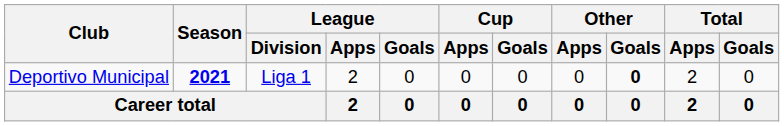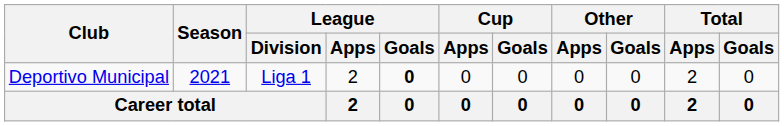 <table class=wikitable style=text-align:center>
 <tr>
 <th rowspan="2">Club</th>
 <th rowspan="2">Season</th>
 <th colspan="3">League</th>
 <th colspan="2">Cup</th>
 <th colspan="2">Other</th>
 <th colspan="2">Total</th>
 </tr>
 <tr>
 <th>Division</th>
 <th>Apps</th>
 <th>Goals</th>
 <th>Apps</th>
 <th>Goals</th>
 <th>Apps</th>
 <th>Goals</th>
 <th>Apps</th>
 <th>Goals</th>
 </tr>
 <tr>
 <td><a href='#'>Deportivo Municipal</a></td>
-<td><strong><a href='#'>2021</a></strong></td>
+<td><a href='#'>2021</a></td>
 <td><a href='#'>Liga 1</a></td>
 <td>2</td>
+<td><strong>0</strong></td>
 <td>0</td>
 <td>0</td>
 <td>0</td>
 <td>0</td>
-<td><strong>0</strong></td>
 <td>2</td>
 <td>0</td>
 </tr>
 <tr>
 <th colspan="3"><strong>Career total</strong></th>
 <th>2</th>
 <th>0</th>
 <th>0</th>
 <th>0</th>
 <th>0</th>
 <th>0</th>
 <th>2</th>
 <th>0</th>
 </tr>
 </table>
